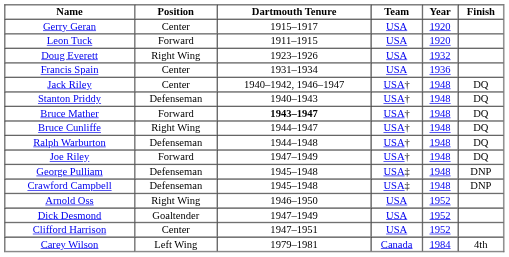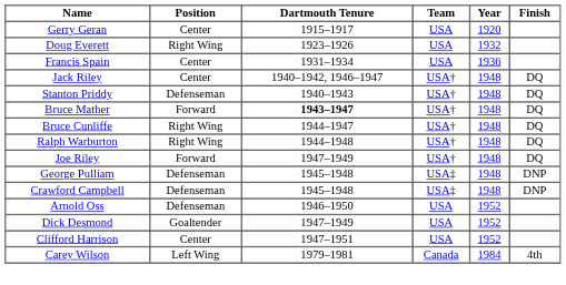 <table cellpadding="1" border="1" cellspacing="0" width="60%">
 <tr>
 <th>Name</th>
 <th>Position</th>
 <th>Dartmouth Tenure</th>
 <th>Team</th>
 <th>Year</th>
 <th>Finish</th>
 </tr>
 <tr align="center">
 <td><a href='#'>Gerry Geran</a></td>
 <td>Center</td>
 <td>1915–1917</td>
-<td> <a href='#'>USA</a></td>
-<td><a href='#'>1920</a></td>
-<td></td>
-</tr>
-<tr align="center">
-<td><a href='#'>Leon Tuck</a></td>
-<td>Forward</td>
-<td>1911–1915</td>
 <td> <a href='#'>USA</a></td>
 <td><a href='#'>1920</a></td>
 <td></td>
 </tr>
 <tr align="center">
 <td><a href='#'>Doug Everett</a></td>
 <td>Right Wing</td>
 <td>1923–1926</td>
 <td> <a href='#'>USA</a></td>
 <td><a href='#'>1932</a></td>
 <td></td>
 </tr>
 <tr align="center">
 <td><a href='#'>Francis Spain</a></td>
 <td>Center</td>
 <td>1931–1934</td>
 <td> <a href='#'>USA</a></td>
 <td><a href='#'>1936</a></td>
 <td></td>
 </tr>
 <tr align="center">
 <td><a href='#'>Jack Riley</a></td>
 <td>Center</td>
 <td>1940–1942, 1946–1947</td>
 <td> <a href='#'>USA</a>†</td>
 <td><a href='#'>1948</a></td>
 <td>DQ</td>
 </tr>
 <tr align="center">
 <td><a href='#'>Stanton Priddy</a></td>
 <td>Defenseman</td>
 <td>1940–1943</td>
 <td> <a href='#'>USA</a>†</td>
 <td><a href='#'>1948</a></td>
 <td>DQ</td>
 </tr>
 <tr align="center">
 <td><a href='#'>Bruce Mather</a></td>
 <td>Forward</td>
 <td><strong>1943–1947</strong></td>
 <td> <a href='#'>USA</a>†</td>
 <td><a href='#'>1948</a></td>
 <td>DQ</td>
 </tr>
 <tr align="center">
 <td><a href='#'>Bruce Cunliffe</a></td>
 <td>Right Wing</td>
 <td>1944–1947</td>
 <td> <a href='#'>USA</a>†</td>
 <td><a href='#'>1948</a></td>
 <td>DQ</td>
 </tr>
 <tr align="center">
 <td><a href='#'>Ralph Warburton</a></td>
-<td>Defenseman</td>
+<td>Right Wing</td>
 <td>1944–1948</td>
 <td> <a href='#'>USA</a>†</td>
 <td><a href='#'>1948</a></td>
 <td>DQ</td>
 </tr>
 <tr align="center">
 <td><a href='#'>Joe Riley</a></td>
 <td>Forward</td>
 <td>1947–1949</td>
 <td> <a href='#'>USA</a>†</td>
 <td><a href='#'>1948</a></td>
 <td>DQ</td>
 </tr>
 <tr align="center">
 <td><a href='#'>George Pulliam</a></td>
 <td>Defenseman</td>
 <td>1945–1948</td>
 <td> <a href='#'>USA</a>‡</td>
 <td><a href='#'>1948</a></td>
 <td>DNP</td>
 </tr>
 <tr align="center">
 <td><a href='#'>Crawford Campbell</a></td>
 <td>Defenseman</td>
 <td>1945–1948</td>
 <td> <a href='#'>USA</a>‡</td>
 <td><a href='#'>1948</a></td>
 <td>DNP</td>
 </tr>
 <tr align="center">
 <td><a href='#'>Arnold Oss</a></td>
-<td>Right Wing</td>
+<td>Defenseman</td>
 <td>1946–1950</td>
 <td> <a href='#'>USA</a></td>
 <td><a href='#'>1952</a></td>
 <td></td>
 </tr>
 <tr align="center">
 <td><a href='#'>Dick Desmond</a></td>
 <td>Goaltender</td>
 <td>1947–1949</td>
 <td> <a href='#'>USA</a></td>
 <td><a href='#'>1952</a></td>
 <td></td>
 </tr>
 <tr align="center">
 <td><a href='#'>Clifford Harrison</a></td>
 <td>Center</td>
 <td>1947–1951</td>
 <td> <a href='#'>USA</a></td>
 <td><a href='#'>1952</a></td>
 <td></td>
 </tr>
 <tr align="center">
 <td><a href='#'>Carey Wilson</a></td>
 <td>Left Wing</td>
 <td>1979–1981</td>
 <td> <a href='#'>Canada</a></td>
 <td><a href='#'>1984</a></td>
 <td>4th</td>
 </tr>
 <tr align="center">
 </tr>
 </table>
